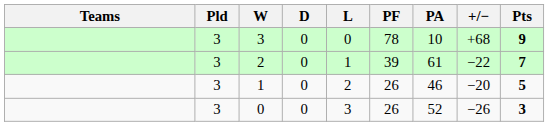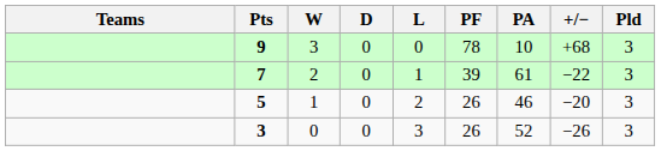 <table class="wikitable" style="text-align: center;">
 <tr>
 <th width="200">Teams</th>
-<th width="40">Pld</th>
+<th width="40">Pts</th>
 <th width="40">W</th>
 <th width="40">D</th>
 <th width="40">L</th>
 <th width="40">PF</th>
 <th width="40">PA</th>
 <th width="40">+/−</th>
-<th width="40">Pts</th>
+<th width="40">Pld</th>
 </tr>
 <tr bgcolor=ccffcc>
 <td align=left></td>
-<td>3</td>
+<td><strong>9</strong></td>
 <td>3</td>
 <td>0</td>
 <td>0</td>
 <td>78</td>
 <td>10</td>
 <td>+68</td>
-<td><strong>9</strong></td>
+<td>3</td>
 </tr>
 <tr bgcolor=ccffcc>
 <td align=left></td>
-<td>3</td>
+<td><strong>7</strong></td>
 <td>2</td>
 <td>0</td>
 <td>1</td>
 <td>39</td>
 <td>61</td>
 <td>−22</td>
-<td><strong>7</strong></td>
+<td>3</td>
 </tr>
 <tr>
 <td align=left></td>
-<td>3</td>
+<td><strong>5</strong></td>
 <td>1</td>
 <td>0</td>
 <td>2</td>
 <td>26</td>
 <td>46</td>
 <td>−20</td>
-<td><strong>5</strong></td>
+<td>3</td>
 </tr>
 <tr>
 <td align=left></td>
-<td>3</td>
+<td><strong>3</strong></td>
 <td>0</td>
 <td>0</td>
 <td>3</td>
 <td>26</td>
 <td>52</td>
 <td>−26</td>
-<td><strong>3</strong></td>
+<td>3</td>
 </tr>
 </table>
